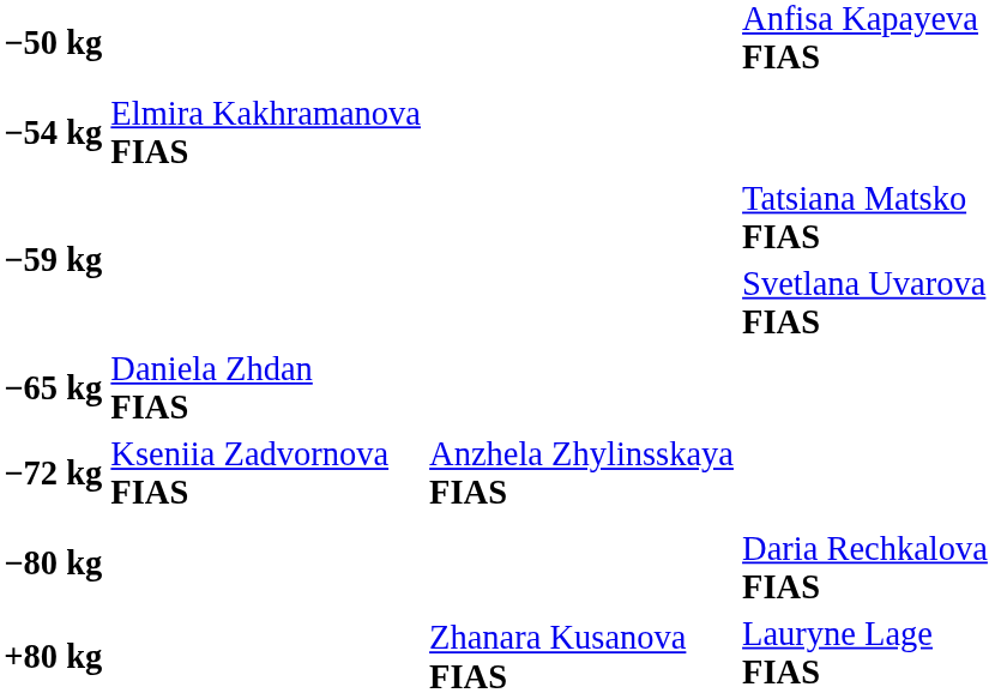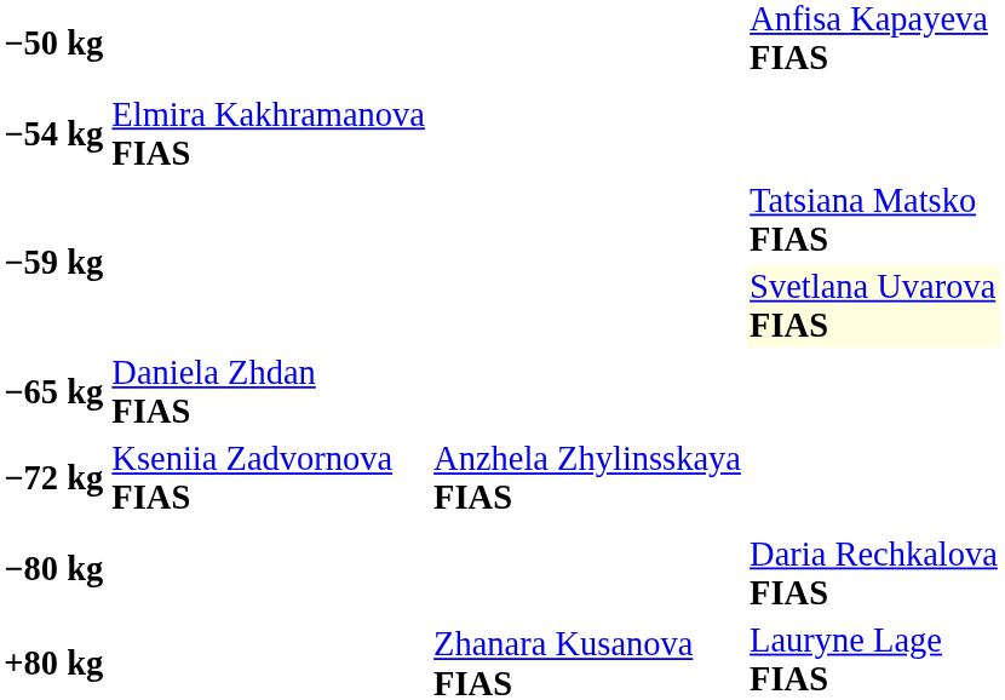 <table>
 <tr>
 <th rowspan=2>−50 kg</th>
 <td rowspan=2></td>
 <td rowspan=2></td>
 <td><a href='#'>Anfisa Kapayeva</a><br><strong>FIAS</strong></td>
 </tr>
 <tr>
 <td></td>
 </tr>
 <tr>
 <th rowspan=2>−54 kg</th>
 <td rowspan=2><a href='#'>Elmira Kakhramanova</a><br><strong>FIAS</strong></td>
 <td rowspan=2></td>
 <td></td>
 </tr>
 <tr>
 <td></td>
 </tr>
 <tr>
 <th rowspan=2>−59 kg</th>
 <td rowspan=2></td>
 <td rowspan=2></td>
 <td><a href='#'>Tatsiana Matsko</a><br><strong>FIAS</strong></td>
 </tr>
 <tr>
-<td><a href='#'>Svetlana Uvarova</a><br><strong>FIAS</strong></td>
+<td style="background: lightyellow;"><a href='#'>Svetlana Uvarova</a><br><strong>FIAS</strong></td>
 </tr>
 <tr>
 <th rowspan=2>−65 kg</th>
 <td rowspan=2><a href='#'>Daniela Zhdan</a><br><strong>FIAS</strong></td>
 <td rowspan=2></td>
 <td></td>
 </tr>
 <tr>
 <td></td>
 </tr>
 <tr>
 <th rowspan=2>−72 kg</th>
 <td rowspan=2><a href='#'>Kseniia Zadvornova</a><br><strong>FIAS</strong></td>
 <td rowspan=2><a href='#'>Anzhela Zhylinsskaya</a><br><strong>FIAS</strong></td>
 <td></td>
 </tr>
 <tr>
 <td></td>
 </tr>
 <tr>
 <th rowspan=2>−80 kg</th>
 <td rowspan=2></td>
 <td rowspan=2></td>
 <td></td>
 </tr>
 <tr>
 <td><a href='#'>Daria Rechkalova</a><br><strong>FIAS</strong></td>
 </tr>
 <tr>
 <th rowspan=2>+80 kg</th>
 <td rowspan=2></td>
 <td rowspan=2><a href='#'>Zhanara Kusanova</a><br><strong>FIAS</strong></td>
 <td><a href='#'>Lauryne Lage</a><br><strong>FIAS</strong></td>
 </tr>
 <tr>
 <td></td>
 </tr>
 </table>
